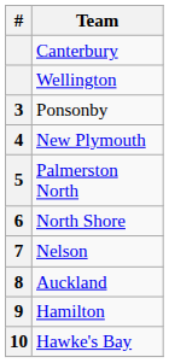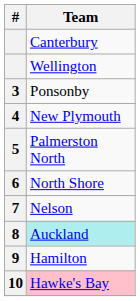 <table class="wikitable" width="15%" style="font-size:95%; text-align:center">
 <tr>
 <th>#</th>
 <th>Team</th>
 </tr>
 <tr>
 <th></th>
 <td align=left><a href='#'>Canterbury</a></td>
 </tr>
 <tr>
 <th></th>
 <td align=left><a href='#'>Wellington</a></td>
 </tr>
 <tr>
 <th>3</th>
 <td align=left>Ponsonby</td>
 </tr>
 <tr>
 <th>4</th>
 <td align=left><a href='#'>New Plymouth</a></td>
 </tr>
 <tr>
 <th>5</th>
 <td align=left><a href='#'>Palmerston North</a></td>
 </tr>
 <tr>
 <th>6</th>
 <td align=left><a href='#'>North Shore</a></td>
 </tr>
 <tr>
 <th>7</th>
 <td align=left><a href='#'>Nelson</a></td>
 </tr>
 <tr>
 <th>8</th>
-<td align=left><a href='#'>Auckland</a></td>
+<td align=left style="background: paleturquoise;"><a href='#'>Auckland</a></td>
 </tr>
 <tr>
 <th>9</th>
 <td align=left><a href='#'>Hamilton</a></td>
 </tr>
 <tr>
 <th>10</th>
-<td align=left><a href='#'>Hawke's Bay</a></td>
+<td align=left style="background: pink;"><a href='#'>Hawke's Bay</a></td>
 </tr>
 <tr>
 </tr>
 </table>
